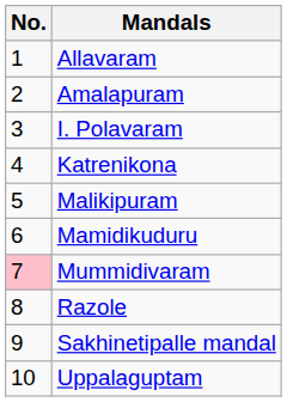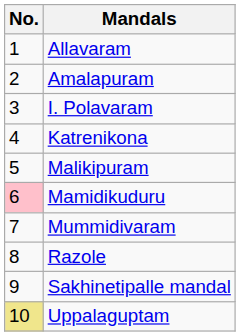 <table class="wikitable">
 <tr>
 <th>No.</th>
 <th>Mandals</th>
 </tr>
 <tr>
 <td>1</td>
 <td><a href='#'>Allavaram</a></td>
 </tr>
 <tr>
 <td>2</td>
 <td><a href='#'>Amalapuram</a></td>
 </tr>
 <tr>
 <td>3</td>
 <td><a href='#'>I. Polavaram</a></td>
 </tr>
 <tr>
 <td>4</td>
 <td><a href='#'>Katrenikona</a></td>
 </tr>
 <tr>
 <td>5</td>
 <td><a href='#'>Malikipuram</a></td>
 </tr>
 <tr>
-<td>6</td>
+<td style="background: pink;">6</td>
 <td><a href='#'>Mamidikuduru</a></td>
 </tr>
 <tr>
-<td style="background: pink;">7</td>
+<td>7</td>
 <td><a href='#'>Mummidivaram</a></td>
 </tr>
 <tr>
 <td>8</td>
 <td><a href='#'>Razole</a></td>
 </tr>
 <tr>
 <td>9</td>
 <td><a href='#'>Sakhinetipalle mandal</a></td>
 </tr>
 <tr>
-<td>10</td>
+<td style="background: khaki;">10</td>
 <td><a href='#'>Uppalaguptam</a></td>
 </tr>
 </table>
